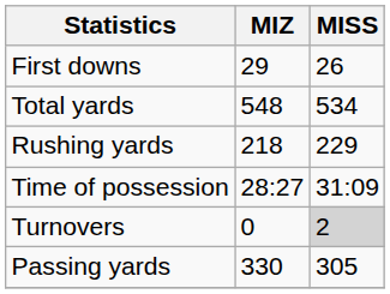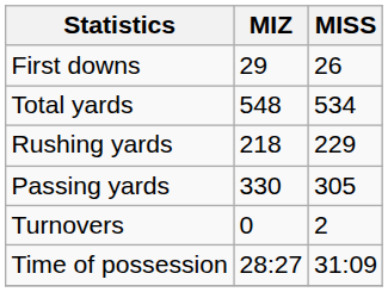 <table class="wikitable" style="float: left;">
 <tr>
 <th>Statistics</th>
 <th>MIZ</th>
 <th>MISS</th>
 </tr>
 <tr>
 <td>First downs</td>
 <td>29</td>
 <td>26</td>
 </tr>
 <tr>
 <td>Total yards</td>
 <td>548</td>
 <td>534</td>
 </tr>
 <tr>
 <td>Rushing yards</td>
 <td>218</td>
 <td>229</td>
 </tr>
 <tr>
+<td>Passing yards</td>
+<td>330</td>
+<td>305</td>
+</tr>
+<tr>
+<td>Turnovers</td>
+<td>0</td>
+<td>2</td>
+</tr>
+<tr>
 <td>Time of possession</td>
 <td>28:27</td>
 <td>31:09</td>
 </tr>
 <tr>
-<td>Turnovers</td>
-<td>0</td>
-<td style="background: lightgrey;">2</td>
-</tr>
-<tr>
-<td>Passing yards</td>
-<td>330</td>
-<td>305</td>
-</tr>
-<tr>
 </tr>
 </table>
